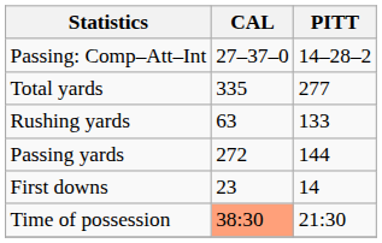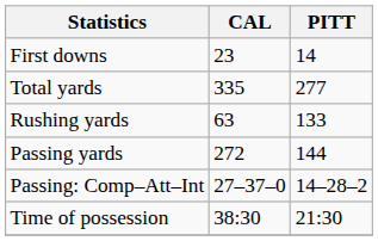 <table class="wikitable" style="float: left;">
 <tr>
 <th>Statistics</th>
 <th>CAL</th>
 <th>PITT</th>
 </tr>
 <tr>
-<td>Passing: Comp–Att–Int</td>
-<td>27–37–0</td>
-<td>14–28–2</td>
+<td>First downs</td>
+<td>23</td>
+<td>14</td>
 </tr>
 <tr>
 <td>Total yards</td>
 <td>335</td>
 <td>277</td>
 </tr>
 <tr>
 <td>Rushing yards</td>
 <td>63</td>
 <td>133</td>
 </tr>
 <tr>
 <td>Passing yards</td>
 <td>272</td>
 <td>144</td>
 </tr>
 <tr>
-<td>First downs</td>
-<td>23</td>
-<td>14</td>
+<td>Passing: Comp–Att–Int</td>
+<td>27–37–0</td>
+<td>14–28–2</td>
 </tr>
 <tr>
 <td>Time of possession</td>
-<td style="background: lightsalmon;">38:30</td>
+<td>38:30</td>
 <td>21:30</td>
 </tr>
 <tr>
 </tr>
 </table>
